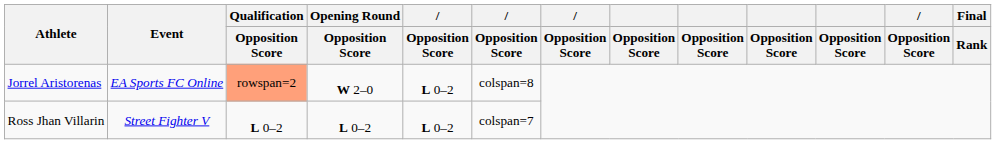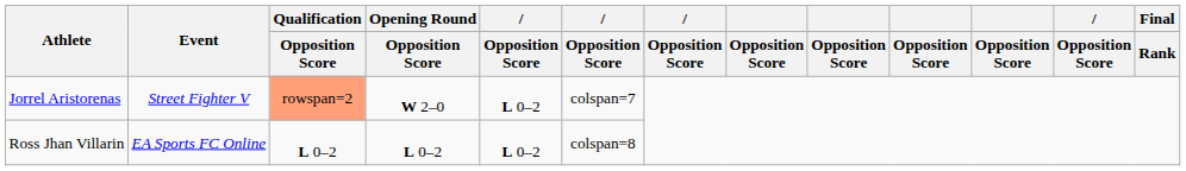 <table class=wikitable style="text-align:center; font-size:90%">
 <tr>
 <th rowspan=2>Athlete</th>
 <th rowspan=2>Event</th>
 <th>Qualification</th>
 <th>Opening Round</th>
 <th> / </th>
 <th> / </th>
 <th> / </th>
 <th></th>
 <th></th>
 <th></th>
 <th></th>
 <th> / </th>
 <th colspan=2>Final</th>
 </tr>
 <tr>
 <th>Opposition<br>Score</th>
 <th>Opposition<br>Score</th>
 <th>Opposition<br>Score</th>
 <th>Opposition<br>Score</th>
 <th>Opposition<br>Score</th>
 <th>Opposition<br>Score</th>
 <th>Opposition<br>Score</th>
 <th>Opposition<br>Score</th>
 <th>Opposition<br>Score</th>
 <th>Opposition<br>Score</th>
 <th>Rank</th>
 </tr>
 <tr>
 <td align=left><a href='#'>Jorrel Aristorenas</a></td>
-<td><em><a href='#'>EA Sports FC Online</a></em></td>
+<td><em><a href='#'>Street Fighter V</a></em></td>
 <td style="background: lightsalmon;">rowspan=2 </td>
 <td><br><strong>W</strong> 2–0</td>
 <td><br><strong>L</strong> 0–2</td>
-<td>colspan=8 </td>
+<td>colspan=7 </td>
 </tr>
 <tr>
 <td align=left>Ross Jhan Villarin</td>
-<td><em><a href='#'>Street Fighter V</a></em></td>
+<td><em><a href='#'>EA Sports FC Online</a></em></td>
 <td><br><strong>L</strong> 0–2</td>
 <td><br><strong>L</strong> 0–2</td>
 <td><br><strong>L</strong> 0–2</td>
-<td>colspan=7 </td>
+<td>colspan=8 </td>
 </tr>
 </table>
